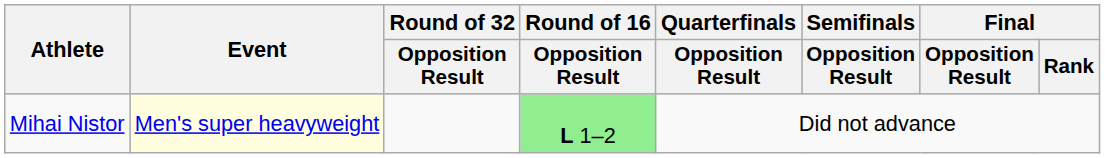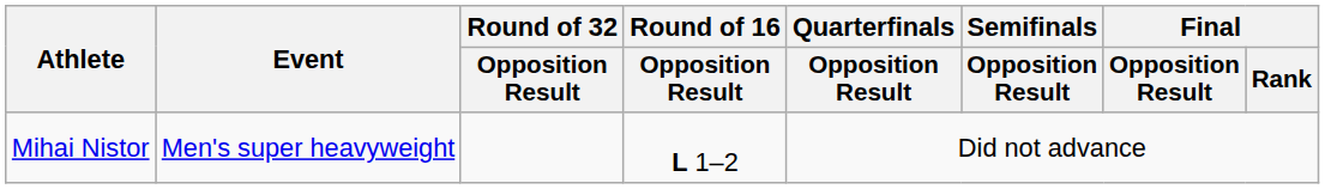 <table class="wikitable" style="font-size:90%">
 <tr>
 <th rowspan=2>Athlete</th>
 <th rowspan=2>Event</th>
 <th>Round of 32</th>
 <th>Round of 16</th>
 <th>Quarterfinals</th>
 <th>Semifinals</th>
 <th colspan=2>Final</th>
 </tr>
 <tr style="font-size:95%">
 <th>Opposition<br>Result</th>
 <th>Opposition<br>Result</th>
 <th>Opposition<br>Result</th>
 <th>Opposition<br>Result</th>
 <th>Opposition<br>Result</th>
 <th>Rank</th>
 </tr>
 <tr align=center>
 <td align=left><a href='#'>Mihai Nistor</a></td>
-<td align=left style="background: lightyellow;"><a href='#'>Men's super heavyweight</a></td>
+<td align=left><a href='#'>Men's super heavyweight</a></td>
 <td></td>
-<td style="background: lightgreen;"><br><strong>L</strong> 1–2</td>
+<td><br><strong>L</strong> 1–2</td>
 <td colspan = 4>Did not advance</td>
 </tr>
 </table>
